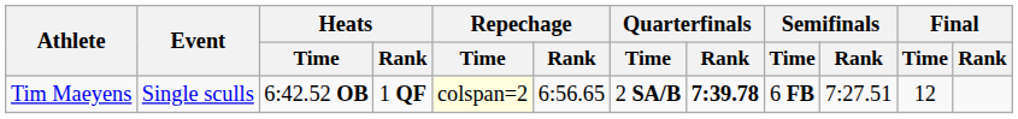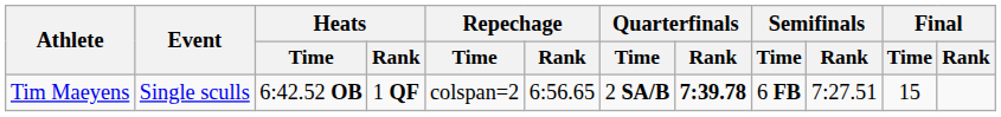 <table class="wikitable" style="font-size:90%">
 <tr>
 <th rowspan="2">Athlete</th>
 <th rowspan="2">Event</th>
 <th colspan="2">Heats</th>
 <th colspan="2">Repechage</th>
 <th colspan=2>Quarterfinals</th>
 <th colspan="2">Semifinals</th>
 <th colspan="2">Final</th>
 </tr>
 <tr style="font-size:95%">
 <th>Time</th>
 <th>Rank</th>
 <th>Time</th>
 <th>Rank</th>
 <th>Time</th>
 <th>Rank</th>
 <th>Time</th>
 <th>Rank</th>
 <th>Time</th>
 <th>Rank</th>
 </tr>
 <tr align=center>
 <td align=left><a href='#'>Tim Maeyens</a></td>
 <td align=left><a href='#'>Single sculls</a></td>
 <td>6:42.52 <strong>OB</strong></td>
 <td>1 <strong>QF</strong></td>
-<td style="background: lightyellow;">colspan=2 </td>
+<td>colspan=2 </td>
 <td>6:56.65</td>
 <td>2 <strong>SA/B</strong></td>
 <td><strong>7:39.78</strong></td>
 <td>6 <strong>FB</strong></td>
 <td>7:27.51</td>
-<td>12</td>
+<td>15</td>
 </tr>
 </table>
